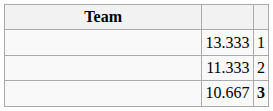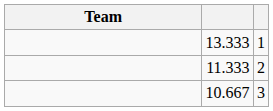 <table class="wikitable">
 <tr>
 </tr>
 <tr>
 <th width=190>Team</th>
 <th></th>
 <th></th>
 </tr>
 <tr>
 <td></td>
 <td align=right>13.333</td>
 <td align=center>1</td>
 </tr>
 <tr>
 <td></td>
 <td align=right>11.333</td>
 <td align=center>2</td>
 </tr>
 <tr>
 <td></td>
 <td align=right>10.667</td>
-<td align=center><strong>3</strong></td>
+<td align=center>3</td>
 </tr>
 </table>
